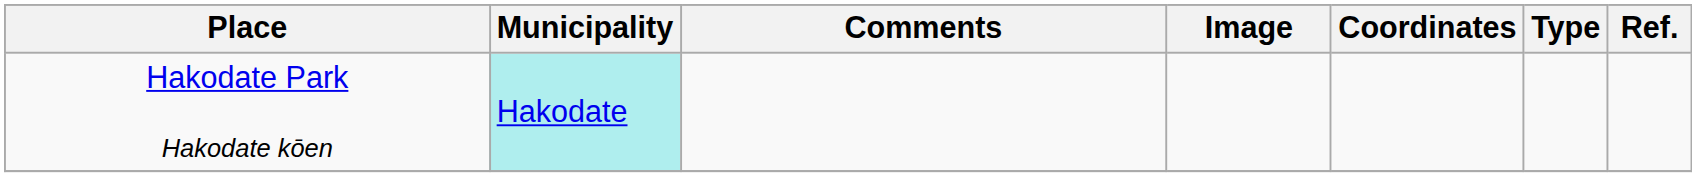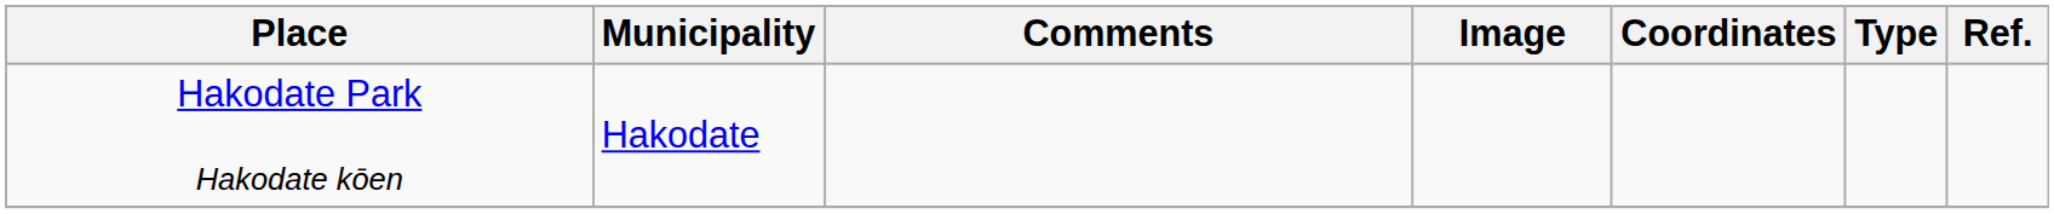 <table class="wikitable sortable"  style="width:100%;">
 <tr>
 <th width="30%" align="left">Place</th>
 <th width="10%" align="left">Municipality</th>
 <th width="30%" align="left" class="unsortable">Comments</th>
 <th width="10%" align="left"  class="unsortable">Image</th>
 <th width="10%" align="left" class="unsortable">Coordinates</th>
 <th width="5%" align="left">Type</th>
 <th width="5%" align="left"  class="unsortable">Ref.</th>
 </tr>
 <tr>
 <td align="center"><a href='#'>Hakodate Park</a><br><br><small><em>Hakodate kōen</em></small></td>
-<td style="background: paleturquoise;"><a href='#'>Hakodate</a></td>
+<td><a href='#'>Hakodate</a></td>
 <td></td>
 <td></td>
 <td></td>
 <td></td>
 <td></td>
 </tr>
 <tr>
 </tr>
 </table>
